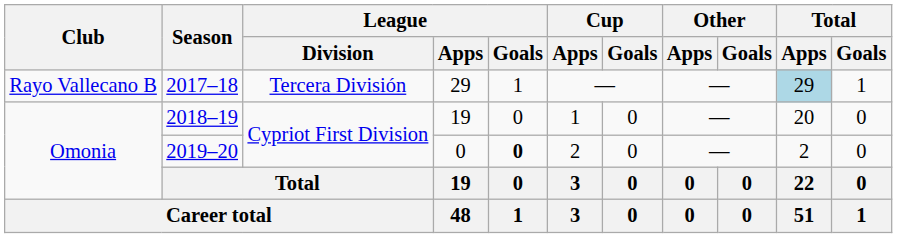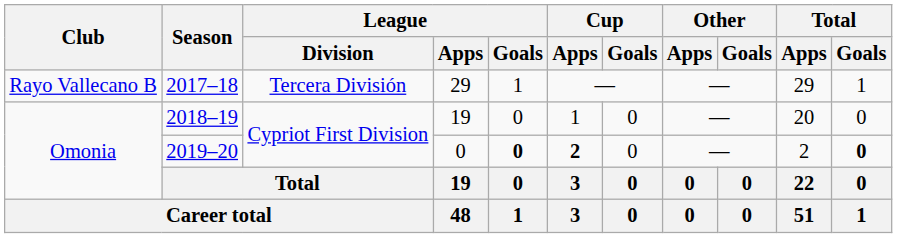 <table class="wikitable" style="text-align: center;">
 <tr>
 <th rowspan="2">Club</th>
 <th rowspan="2">Season</th>
 <th colspan="3">League</th>
 <th colspan="2">Cup</th>
 <th colspan="2">Other</th>
 <th colspan="2">Total</th>
 </tr>
 <tr>
 <th>Division</th>
 <th>Apps</th>
 <th>Goals</th>
 <th>Apps</th>
 <th>Goals</th>
 <th>Apps</th>
 <th>Goals</th>
 <th>Apps</th>
 <th>Goals</th>
 </tr>
 <tr>
 <td rowspan="1"><a href='#'>Rayo Vallecano B</a></td>
 <td><a href='#'>2017–18</a></td>
 <td><a href='#'>Tercera División</a></td>
 <td>29</td>
 <td>1</td>
 <td colspan="2">—</td>
 <td colspan="2">—</td>
-<td style="background: lightblue;">29</td>
+<td>29</td>
 <td>1</td>
 </tr>
 <tr>
 <td rowspan="3"><a href='#'>Omonia</a></td>
 <td><a href='#'>2018–19</a></td>
 <td rowspan="2"><a href='#'>Cypriot First Division</a></td>
 <td>19</td>
 <td>0</td>
 <td>1</td>
 <td>0</td>
 <td colspan="2">—</td>
 <td>20</td>
 <td>0</td>
 </tr>
 <tr>
 <td><a href='#'>2019–20</a></td>
 <td>0</td>
 <td><strong>0</strong></td>
-<td>2</td>
+<td><strong>2</strong></td>
 <td>0</td>
 <td colspan="2">—</td>
 <td>2</td>
-<td>0</td>
+<td><strong>0</strong></td>
 </tr>
 <tr>
 <th colspan="2">Total</th>
 <th>19</th>
 <th>0</th>
 <th>3</th>
 <th>0</th>
 <th>0</th>
 <th>0</th>
 <th>22</th>
 <th>0</th>
 </tr>
 <tr>
 <th colspan="3">Career total</th>
 <th>48</th>
 <th>1</th>
 <th>3</th>
 <th>0</th>
 <th>0</th>
 <th>0</th>
 <th>51</th>
 <th>1</th>
 </tr>
 </table>
